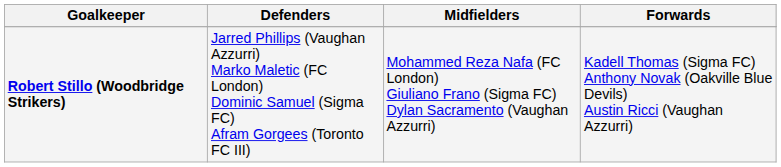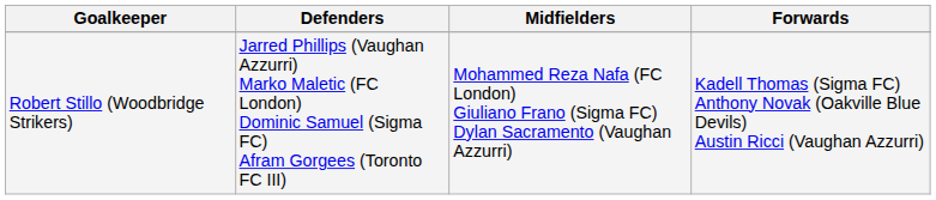 <table class="wikitable">
 <tr style="background:#cccccc;">
 <th>Goalkeeper</th>
 <th>Defenders</th>
 <th>Midfielders</th>
 <th>Forwards</th>
 </tr>
 <tr>
 </tr>
 <tr style="background:#f4f4f4;">
-<td><strong><a href='#'>Robert Stillo</a> (Woodbridge Strikers)</strong></td>
+<td><a href='#'>Robert Stillo</a> (Woodbridge Strikers)</td>
 <td><a href='#'>Jarred Phillips</a> (Vaughan Azzurri)<br><a href='#'>Marko Maletic</a> (FC London)<br><a href='#'>Dominic Samuel</a> (Sigma FC)<br><a href='#'>Afram Gorgees</a> (Toronto FC III)</td>
 <td><a href='#'>Mohammed Reza Nafa</a> (FC London)<br><a href='#'>Giuliano Frano</a> (Sigma FC)<br><a href='#'>Dylan Sacramento</a> (Vaughan Azzurri)</td>
 <td><a href='#'>Kadell Thomas</a> (Sigma FC)<br><a href='#'>Anthony Novak</a> (Oakville Blue Devils)<br><a href='#'>Austin Ricci</a> (Vaughan Azzurri)</td>
 </tr>
 </table>
